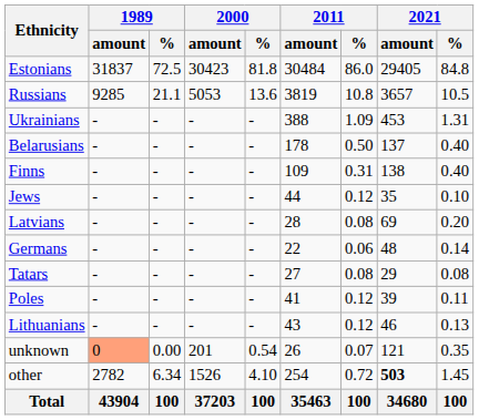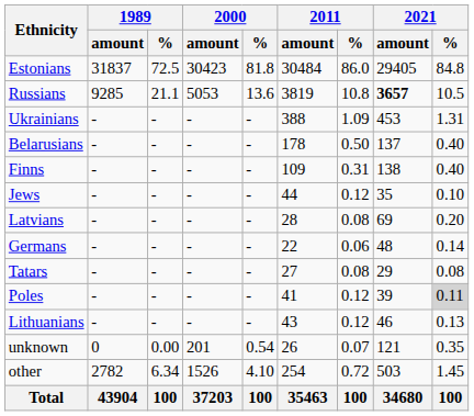 <table class="wikitable sortable mw-collapsible">
 <tr>
 <th rowspan="2">Ethnicity</th>
 <th colspan="2"><a href='#'>1989</a></th>
 <th colspan="2"><a href='#'>2000</a></th>
 <th colspan="2"><a href='#'>2011</a></th>
 <th colspan="2"><a href='#'>2021</a></th>
 </tr>
 <tr>
 <th>amount</th>
 <th>%</th>
 <th>amount</th>
 <th>%</th>
 <th>amount</th>
 <th>%</th>
 <th>amount</th>
 <th>%</th>
 </tr>
 <tr>
 <td><a href='#'>Estonians</a></td>
 <td>31837</td>
 <td>72.5</td>
 <td>30423</td>
 <td>81.8</td>
 <td>30484</td>
 <td>86.0</td>
 <td>29405</td>
 <td>84.8</td>
 </tr>
 <tr>
 <td><a href='#'>Russians</a></td>
 <td>9285</td>
 <td>21.1</td>
 <td>5053</td>
 <td>13.6</td>
 <td>3819</td>
 <td>10.8</td>
-<td>3657</td>
+<td><strong>3657</strong></td>
 <td>10.5</td>
 </tr>
 <tr>
 <td><a href='#'>Ukrainians</a></td>
 <td>-</td>
 <td>-</td>
 <td>-</td>
 <td>-</td>
 <td>388</td>
 <td>1.09</td>
 <td>453</td>
 <td>1.31</td>
 </tr>
 <tr>
 <td><a href='#'>Belarusians</a></td>
 <td>-</td>
 <td>-</td>
 <td>-</td>
 <td>-</td>
 <td>178</td>
 <td>0.50</td>
 <td>137</td>
 <td>0.40</td>
 </tr>
 <tr>
 <td><a href='#'>Finns</a></td>
 <td>-</td>
 <td>-</td>
 <td>-</td>
 <td>-</td>
 <td>109</td>
 <td>0.31</td>
 <td>138</td>
 <td>0.40</td>
 </tr>
 <tr>
 <td><a href='#'>Jews</a></td>
 <td>-</td>
 <td>-</td>
 <td>-</td>
 <td>-</td>
 <td>44</td>
 <td>0.12</td>
 <td>35</td>
 <td>0.10</td>
 </tr>
 <tr>
 <td><a href='#'>Latvians</a></td>
 <td>-</td>
 <td>-</td>
 <td>-</td>
 <td>-</td>
 <td>28</td>
 <td>0.08</td>
 <td>69</td>
 <td>0.20</td>
 </tr>
 <tr>
 <td><a href='#'>Germans</a></td>
 <td>-</td>
 <td>-</td>
 <td>-</td>
 <td>-</td>
 <td>22</td>
 <td>0.06</td>
 <td>48</td>
 <td>0.14</td>
 </tr>
 <tr>
 <td><a href='#'>Tatars</a></td>
 <td>-</td>
 <td>-</td>
 <td>-</td>
 <td>-</td>
 <td>27</td>
 <td>0.08</td>
 <td>29</td>
 <td>0.08</td>
 </tr>
 <tr>
 <td><a href='#'>Poles</a></td>
 <td>-</td>
 <td>-</td>
 <td>-</td>
 <td>-</td>
 <td>41</td>
 <td>0.12</td>
 <td>39</td>
-<td>0.11</td>
+<td style="background: lightgrey;">0.11</td>
 </tr>
 <tr>
 <td><a href='#'>Lithuanians</a></td>
 <td>-</td>
 <td>-</td>
 <td>-</td>
 <td>-</td>
 <td>43</td>
 <td>0.12</td>
 <td>46</td>
 <td>0.13</td>
 </tr>
 <tr>
 <td>unknown</td>
-<td style="background: lightsalmon;">0</td>
+<td>0</td>
 <td>0.00</td>
 <td>201</td>
 <td>0.54</td>
 <td>26</td>
 <td>0.07</td>
 <td>121</td>
 <td>0.35</td>
 </tr>
 <tr>
 <td>other</td>
 <td>2782</td>
 <td>6.34</td>
 <td>1526</td>
 <td>4.10</td>
 <td>254</td>
 <td>0.72</td>
-<td><strong>503</strong></td>
+<td>503</td>
 <td>1.45</td>
 </tr>
 <tr>
 <th>Total</th>
 <th>43904</th>
 <th>100</th>
 <th>37203</th>
 <th>100</th>
 <th>35463</th>
 <th>100</th>
 <th>34680</th>
 <th>100</th>
 </tr>
 </table>
